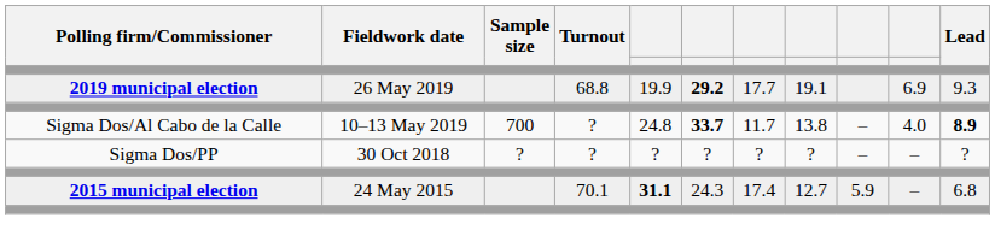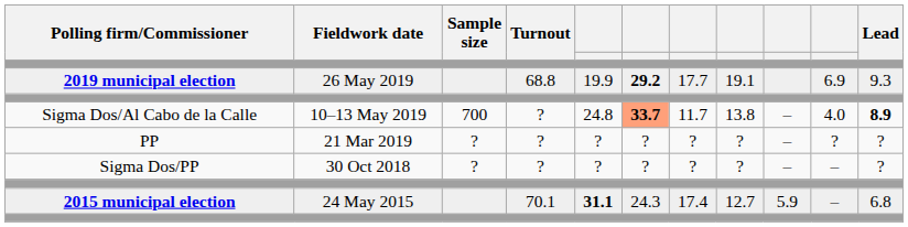 <table class="wikitable collapsible collapsed" style="text-align:center; font-size:95%; line-height:16px;">
 <tr style="height:42px;">
 <th style="width:250px;" rowspan="2">Polling firm/Commissioner</th>
 <th style="width:125px;" rowspan="2">Fieldwork date</th>
 <th style="width:50px;" rowspan="2">Sample size</th>
 <th style="width:45px;" rowspan="2">Turnout</th>
 <th style="width:35px;"></th>
 <th style="width:35px;"></th>
 <th style="width:35px;"></th>
 <th style="width:35px;"></th>
 <th style="width:35px;"></th>
 <th style="width:35px;"></th>
 <th style="width:30px;" rowspan="2">Lead</th>
 </tr>
 <tr>
 <th style="color:inherit;background:"></th>
 <th style="color:inherit;background:"></th>
 <th style="color:inherit;background:"></th>
 <th style="color:inherit;background:"></th>
 <th style="color:inherit;background:"></th>
 <th style="color:inherit;background:"></th>
 </tr>
 <tr>
 <td colspan="11" style="background:#A0A0A0"></td>
 </tr>
 <tr style="background:#EFEFEF;">
 <td><strong><a href='#'>2019 municipal election</a></strong></td>
 <td>26 May 2019</td>
 <td></td>
 <td>68.8</td>
 <td>19.9<br></td>
 <td><strong>29.2</strong><br></td>
 <td>17.7<br></td>
 <td>19.1<br></td>
 <td></td>
 <td>6.9<br></td>
 <td style="background:">9.3</td>
 </tr>
 <tr>
 <td colspan="11" style="background:#A0A0A0"></td>
 </tr>
 <tr>
 <td>Sigma Dos/Al Cabo de la Calle</td>
 <td>10–13 May 2019</td>
 <td>700</td>
 <td>?</td>
 <td>24.8<br></td>
-<td><strong>33.7</strong><br></td>
+<td style="background: lightsalmon;"><strong>33.7</strong><br></td>
 <td>11.7<br></td>
 <td>13.8<br></td>
 <td>–</td>
 <td>4.0<br></td>
 <td style="background:"><strong>8.9</strong></td>
+</tr>
+<tr>
+<td>PP</td>
+<td>21 Mar 2019</td>
+<td>?</td>
+<td>?</td>
+<td>?<br></td>
+<td>?<br></td>
+<td>?<br></td>
+<td>?<br></td>
+<td>–</td>
+<td>?<br></td>
+<td style="background:">?</td>
 </tr>
 <tr>
 <td>Sigma Dos/PP</td>
 <td>30 Oct 2018</td>
 <td>?</td>
 <td>?</td>
 <td>?<br></td>
 <td>?<br></td>
 <td>?<br></td>
 <td>?<br></td>
 <td>–</td>
 <td>–</td>
 <td style="background:">?</td>
 </tr>
 <tr>
 <td colspan="11" style="background:#A0A0A0"></td>
 </tr>
 <tr style="background:#EFEFEF;">
 <td><strong><a href='#'>2015 municipal election</a></strong></td>
 <td>24 May 2015</td>
 <td></td>
 <td>70.1</td>
 <td><strong>31.1</strong><br></td>
 <td>24.3<br></td>
 <td>17.4<br></td>
 <td>12.7<br></td>
 <td>5.9<br></td>
 <td>–</td>
 <td style="background:">6.8</td>
 </tr>
 <tr>
 <td colspan="11" style="background:#A0A0A0"></td>
 </tr>
 </table>
